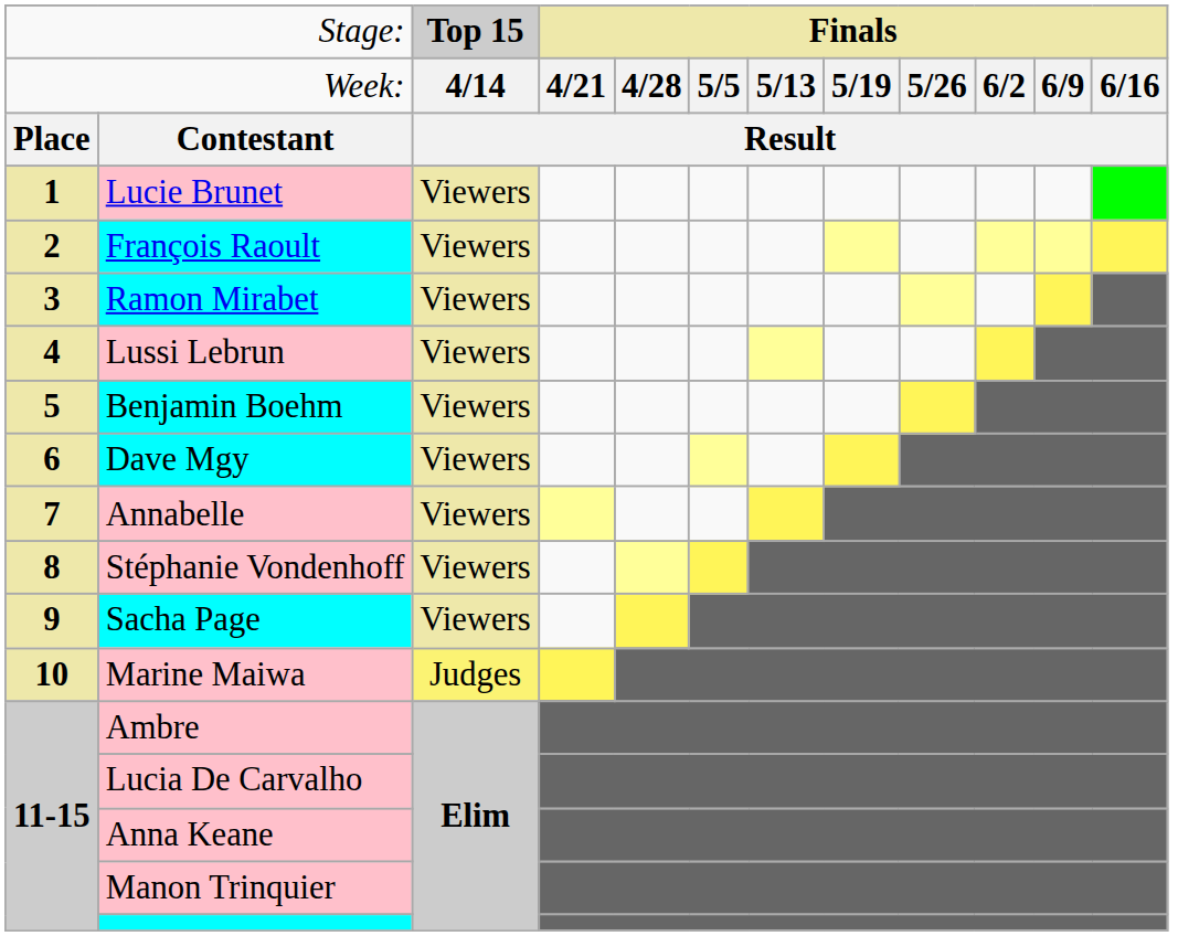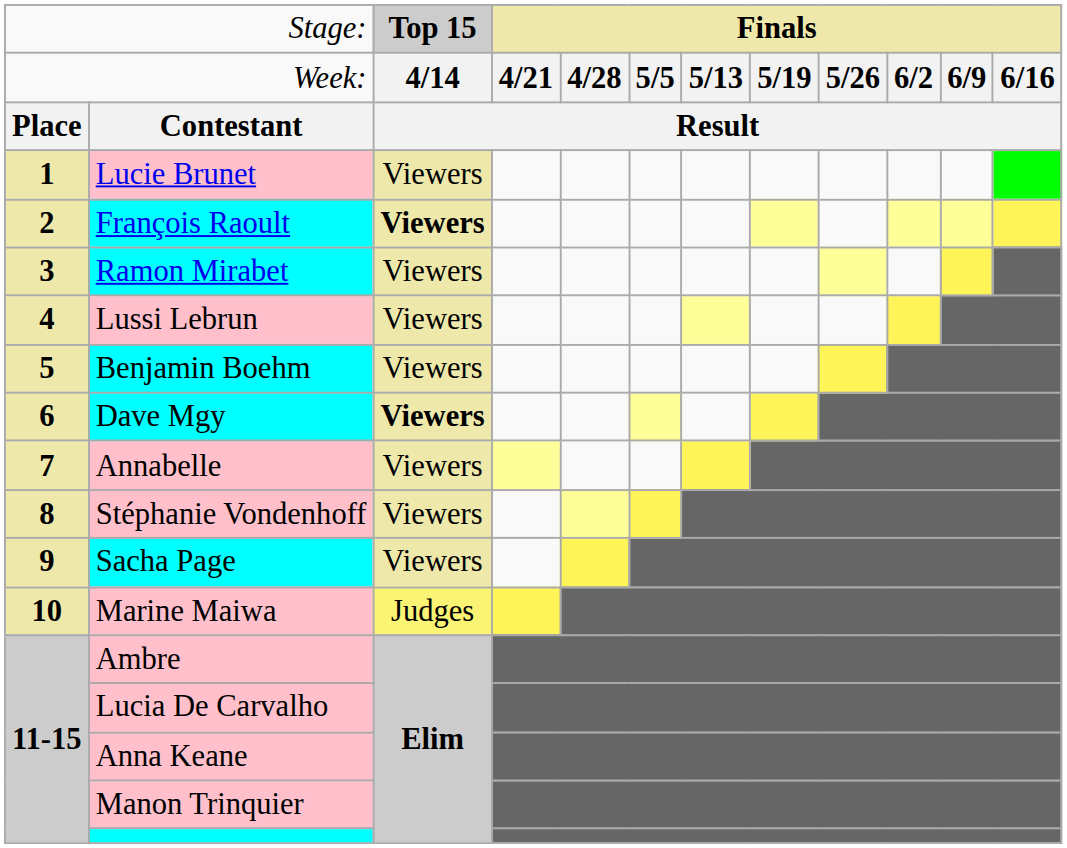 <table class="wikitable">
 <tr>
 <td colspan="2" align="right"><em>Stage:</em></td>
 <td bgcolor="#CCCCCC" align="center"><strong>Top 15</strong></td>
 <td colspan="9" bgcolor="palegoldenrod" align="Center"><strong>Finals</strong></td>
 </tr>
 <tr>
 <td colspan="2" align="right"><em>Week:</em></td>
 <th>4/14</th>
 <th>4/21</th>
 <th>4/28</th>
 <th>5/5</th>
 <th>5/13</th>
 <th>5/19</th>
 <th>5/26</th>
 <th>6/2</th>
 <th>6/9</th>
 <th>6/16</th>
 </tr>
 <tr>
 <th>Place</th>
 <th>Contestant</th>
 <th colspan="10" align="center">Result</th>
 </tr>
 <tr>
 <td align="center"  bgcolor="palegoldenrod"><strong>1</strong></td>
 <td bgcolor="pink"><a href='#'>Lucie Brunet</a></td>
 <td bgcolor="palegoldenrod" align="center">Viewers</td>
 <td></td>
 <td></td>
 <td></td>
 <td></td>
 <td></td>
 <td></td>
 <td></td>
 <td></td>
 <td bgcolor="lime" align="center"></td>
 </tr>
 <tr>
 <td align="center"  bgcolor="palegoldenrod"><strong>2</strong></td>
 <td bgcolor="cyan"><a href='#'>François Raoult</a></td>
-<td bgcolor="palegoldenrod" align="center">Viewers</td>
+<td bgcolor="palegoldenrod" align="center"><strong>Viewers</strong></td>
 <td></td>
 <td></td>
 <td></td>
 <td></td>
 <td bgcolor="#FFFF99" align="center"></td>
 <td></td>
 <td bgcolor="#FFFF99" align="center"></td>
 <td bgcolor="#FFFF99" align="center"></td>
 <td bgcolor="#FFF558" align="center"></td>
 </tr>
 <tr>
 <td align="center"  bgcolor="palegoldenrod"><strong>3</strong></td>
 <td bgcolor="cyan"><a href='#'>Ramon Mirabet</a></td>
 <td bgcolor="palegoldenrod" align="center">Viewers</td>
 <td></td>
 <td></td>
 <td></td>
 <td></td>
 <td></td>
 <td bgcolor="#FFFF99" align="center"></td>
 <td></td>
 <td bgcolor="#FFF558" align="center"></td>
 <td bgcolor="666666"></td>
 </tr>
 <tr>
 <td align="center"  bgcolor="palegoldenrod"><strong>4</strong></td>
 <td bgcolor="pink">Lussi Lebrun</td>
 <td bgcolor="palegoldenrod" align="center">Viewers</td>
 <td></td>
 <td></td>
 <td></td>
 <td bgcolor="#FFFF99" align="center"></td>
 <td></td>
 <td></td>
 <td bgcolor="#FFF558" align="center"></td>
 <td colspan="2" bgcolor="666666"></td>
 </tr>
 <tr>
 <td align="center"  bgcolor="palegoldenrod"><strong>5</strong></td>
 <td bgcolor="cyan">Benjamin Boehm</td>
 <td bgcolor="palegoldenrod" align="center">Viewers</td>
 <td></td>
 <td></td>
 <td></td>
 <td></td>
 <td></td>
 <td bgcolor="#FFF558" align="center"></td>
 <td colspan="3" bgcolor="666666"></td>
 </tr>
 <tr>
 <td align="center"  bgcolor="palegoldenrod"><strong>6</strong></td>
 <td bgcolor="cyan">Dave Mgy</td>
-<td bgcolor="palegoldenrod" align="center">Viewers</td>
+<td bgcolor="palegoldenrod" align="center"><strong>Viewers</strong></td>
 <td></td>
 <td></td>
 <td bgcolor="#FFFF99" align="center"></td>
 <td></td>
 <td bgcolor="#FFF558" align="center"></td>
 <td colspan="4" bgcolor="666666"></td>
 </tr>
 <tr>
 <td align="center"  bgcolor="palegoldenrod"><strong>7</strong></td>
 <td bgcolor="pink">Annabelle</td>
 <td bgcolor="palegoldenrod" align="center">Viewers</td>
 <td bgcolor="#FFFF99" align="center"></td>
 <td></td>
 <td></td>
 <td bgcolor="#FFF558" align="center"></td>
 <td colspan="5" bgcolor="666666"></td>
 </tr>
 <tr>
 <td align="center"  bgcolor="palegoldenrod"><strong>8</strong></td>
 <td bgcolor="pink">Stéphanie Vondenhoff</td>
 <td bgcolor="palegoldenrod" align="center">Viewers</td>
 <td></td>
 <td bgcolor="#FFFF99" align="center"></td>
 <td bgcolor="#FFF558" align="center"></td>
 <td colspan="6" bgcolor="666666"></td>
 </tr>
 <tr>
 <td align="center"  bgcolor="palegoldenrod"><strong>9</strong></td>
 <td bgcolor="cyan">Sacha Page</td>
 <td bgcolor="palegoldenrod" align="center">Viewers</td>
 <td></td>
 <td bgcolor="#FFF558" align="center"></td>
 <td colspan="7" bgcolor="666666"></td>
 </tr>
 <tr>
 <td align="center" bgcolor="palegoldenrod"><strong>10</strong></td>
 <td bgcolor="pink">Marine Maiwa</td>
 <td bgcolor="#FBF373" align="center">Judges</td>
 <td bgcolor="#FFF558" align="center"></td>
 <td colspan="8" bgcolor="666666"></td>
 </tr>
 <tr>
 <td align="center" bgcolor="CCCCCC" rowspan="5"><strong>11-15</strong></td>
 <td bgcolor="pink">Ambre</td>
 <td bgcolor="#CCCCCC" align="center" rowspan="5"><strong>Elim</strong></td>
 <td colspan="9" bgcolor="666666"></td>
 </tr>
 <tr>
 <td bgcolor="pink">Lucia De Carvalho</td>
 <td colspan="9" bgcolor="666666"></td>
 </tr>
 <tr>
 <td bgcolor="pink">Anna Keane</td>
 <td colspan="9" bgcolor="666666"></td>
 </tr>
 <tr>
 <td bgcolor="pink">Manon Trinquier</td>
 <td colspan="9" bgcolor="666666"></td>
 </tr>
 <tr>
 <td bgcolor="cyan"></td>
 <td colspan="9" bgcolor="666666"></td>
 </tr>
 <tr>
 </tr>
 </table>
